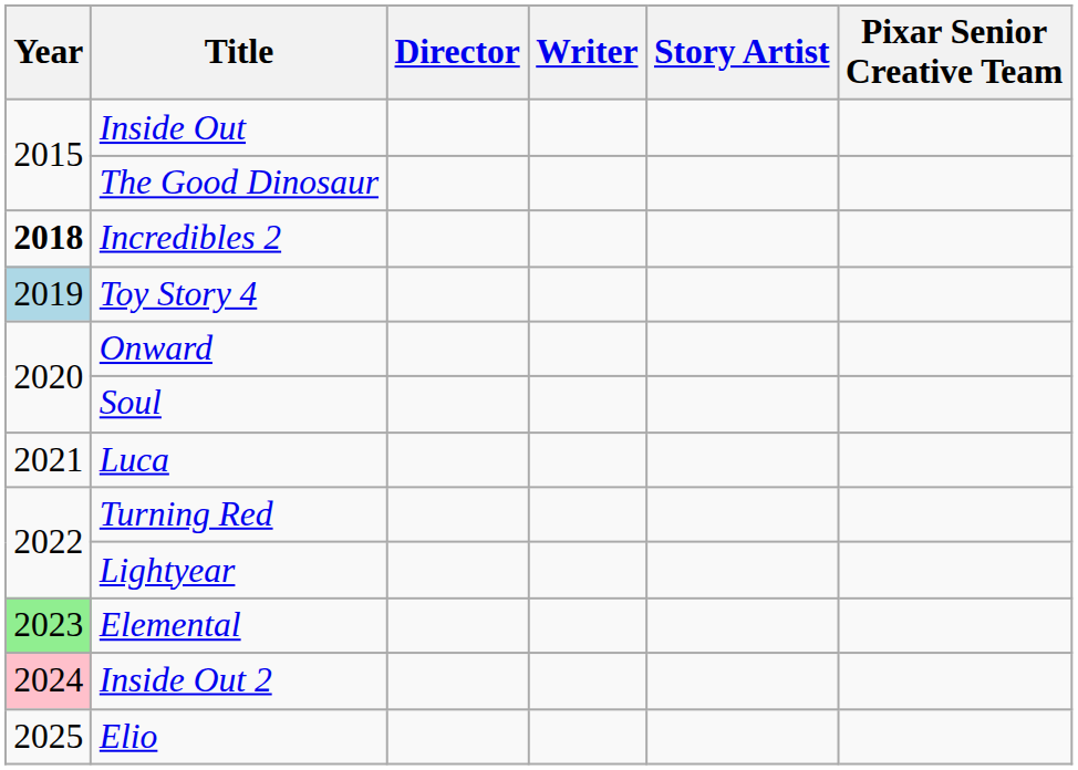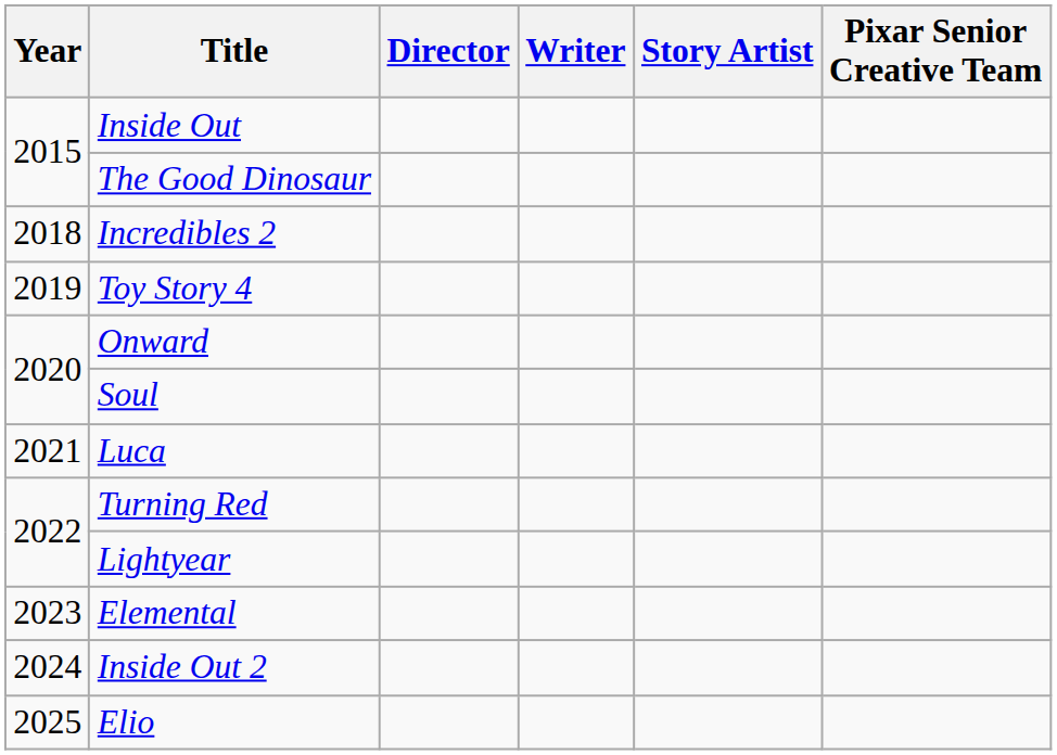 <table class="wikitable">
 <tr>
 <th>Year</th>
 <th>Title</th>
 <th><a href='#'>Director</a></th>
 <th><a href='#'>Writer</a></th>
 <th><a href='#'>Story Artist</a></th>
 <th>Pixar Senior<br>Creative Team</th>
 </tr>
 <tr>
 <td rowspan=2>2015</td>
 <td><em><a href='#'>Inside Out</a></em></td>
 <td></td>
 <td></td>
 <td></td>
 <td></td>
 </tr>
 <tr>
 <td><em><a href='#'>The Good Dinosaur</a></em></td>
 <td></td>
 <td></td>
 <td></td>
 <td></td>
 </tr>
 <tr>
-<td><strong>2018</strong></td>
+<td>2018</td>
 <td><em><a href='#'>Incredibles 2</a></em></td>
 <td></td>
 <td></td>
 <td></td>
 <td></td>
 </tr>
 <tr>
-<td style="background: lightblue;">2019</td>
+<td>2019</td>
 <td><em><a href='#'>Toy Story 4</a></em></td>
 <td></td>
 <td></td>
 <td></td>
 <td></td>
 </tr>
 <tr>
 <td rowspan=2>2020</td>
 <td><em><a href='#'>Onward</a></em></td>
 <td></td>
 <td></td>
 <td></td>
 <td></td>
 </tr>
 <tr>
 <td><em><a href='#'>Soul</a></em></td>
 <td></td>
 <td></td>
 <td></td>
 <td></td>
 </tr>
 <tr>
 <td>2021</td>
 <td><em><a href='#'>Luca</a></em></td>
 <td></td>
 <td></td>
 <td></td>
 <td></td>
 </tr>
 <tr>
 <td rowspan=2>2022</td>
 <td><em><a href='#'>Turning Red</a></em></td>
 <td></td>
 <td></td>
 <td></td>
 <td></td>
 </tr>
 <tr>
 <td><em><a href='#'>Lightyear</a></em></td>
 <td></td>
 <td></td>
 <td></td>
 <td></td>
 </tr>
 <tr>
-<td style="background: lightgreen;">2023</td>
+<td>2023</td>
 <td><em><a href='#'>Elemental</a></em></td>
 <td></td>
 <td></td>
 <td></td>
 <td></td>
 </tr>
 <tr>
-<td style="background: pink;">2024</td>
+<td>2024</td>
 <td><em><a href='#'>Inside Out 2</a></em></td>
 <td></td>
 <td></td>
 <td></td>
 <td></td>
 </tr>
 <tr>
 <td>2025</td>
 <td><em><a href='#'>Elio</a></em></td>
 <td></td>
 <td></td>
 <td></td>
 <td></td>
 </tr>
 </table>
